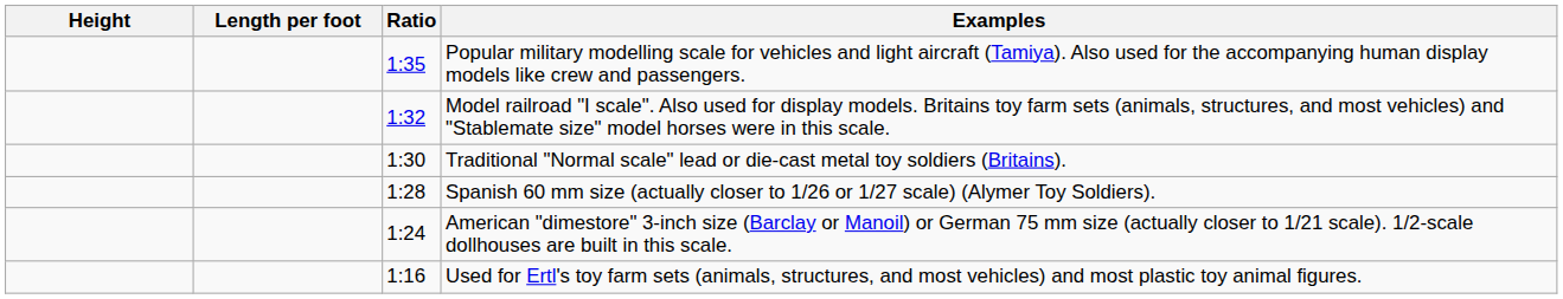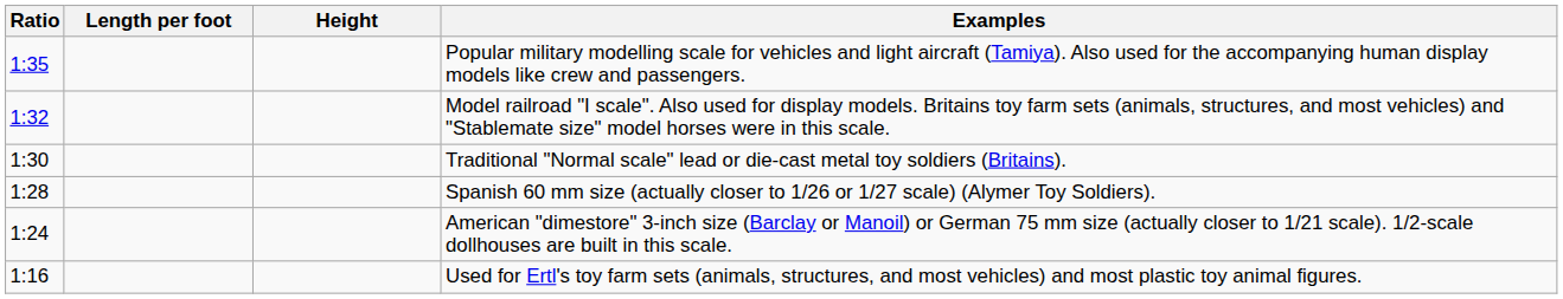 <table style="clear:both" class="wikitable">
 <tr>
+<th>Ratio</th>
+<th style="width: 9em;">Length per foot</th>
 <th style="width: 9em;">Height</th>
-<th style="width: 9em;">Length per foot</th>
-<th>Ratio</th>
 <th>Examples</th>
 </tr>
 <tr>
+<td><a href='#'>1:35</a></td>
 <td></td>
 <td></td>
-<td><a href='#'>1:35</a></td>
 <td>Popular military modelling scale for vehicles and light aircraft (<a href='#'>Tamiya</a>). Also used for the accompanying human display models like crew and passengers.</td>
 </tr>
 <tr>
+<td><a href='#'>1:32</a></td>
 <td></td>
 <td></td>
-<td><a href='#'>1:32</a></td>
 <td>Model railroad "I scale". Also used for display models. Britains toy farm sets (animals, structures, and most vehicles) and "Stablemate size" model horses were in this scale.</td>
 </tr>
 <tr>
+<td>1:30</td>
+<td></td>
 <td><br></td>
-<td></td>
-<td>1:30</td>
 <td>Traditional "Normal scale" lead or die-cast metal toy soldiers (<a href='#'>Britains</a>).</td>
 </tr>
 <tr>
+<td>1:28</td>
 <td></td>
 <td></td>
-<td>1:28</td>
 <td>Spanish 60 mm size (actually closer to 1/26 or 1/27 scale) (Alymer Toy Soldiers).</td>
 </tr>
 <tr>
+<td>1:24</td>
 <td></td>
 <td></td>
-<td>1:24</td>
 <td>American "dimestore" 3-inch size (<a href='#'>Barclay</a> or <a href='#'>Manoil</a>) or German 75 mm size (actually closer to 1/21 scale). 1/2-scale dollhouses are built in this scale.</td>
 </tr>
 <tr>
+<td>1:16</td>
 <td></td>
 <td></td>
-<td>1:16</td>
 <td>Used for <a href='#'>Ertl</a>'s toy farm sets (animals, structures, and most vehicles) and most plastic toy animal figures.</td>
 </tr>
 </table>
